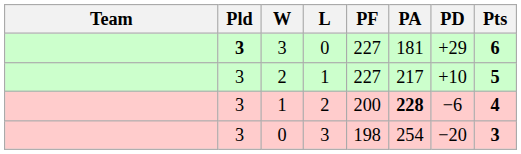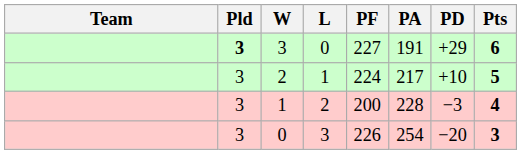 <table class=wikitable style="text-align:center">
 <tr>
 <th width=180>Team</th>
 <th width=30>Pld</th>
 <th width=30>W</th>
 <th width=30>L</th>
 <th width=30>PF</th>
 <th width=30>PA</th>
 <th width=30>PD</th>
 <th width=30>Pts</th>
 </tr>
 <tr bgcolor=ccffcc>
 <td align=left></td>
 <td><strong>3</strong></td>
 <td>3</td>
 <td>0</td>
 <td>227</td>
-<td>181</td>
+<td>191</td>
 <td>+29</td>
 <td><strong>6</strong></td>
 </tr>
 <tr bgcolor=ccffcc>
 <td align=left></td>
 <td>3</td>
 <td>2</td>
 <td>1</td>
-<td>227</td>
+<td>224</td>
 <td>217</td>
 <td>+10</td>
 <td><strong>5</strong></td>
 </tr>
 <tr bgcolor=ffcccc>
 <td align=left></td>
 <td>3</td>
 <td>1</td>
 <td>2</td>
 <td>200</td>
-<td><strong>228</strong></td>
-<td>−6</td>
+<td>228</td>
+<td>−3</td>
 <td><strong>4</strong></td>
 </tr>
 <tr bgcolor=ffcccc>
 <td align=left></td>
 <td>3</td>
 <td>0</td>
 <td>3</td>
-<td>198</td>
+<td>226</td>
 <td>254</td>
 <td>−20</td>
 <td><strong>3</strong></td>
 </tr>
 </table>
